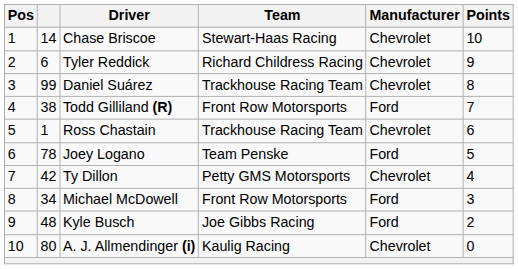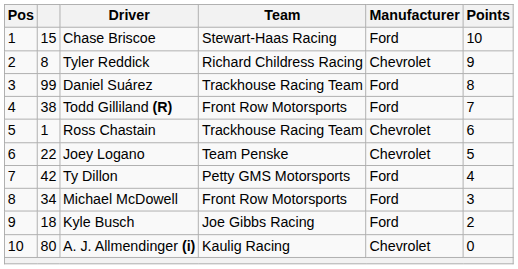 <table class="wikitable" style="font-size:98%">
 <tr>
 <th>Pos</th>
 <th></th>
 <th>Driver</th>
 <th>Team</th>
 <th>Manufacturer</th>
 <th>Points</th>
 </tr>
 <tr>
 <td>1</td>
-<td>14</td>
+<td>15</td>
 <td>Chase Briscoe</td>
 <td>Stewart-Haas Racing</td>
-<td>Chevrolet</td>
+<td>Ford</td>
 <td>10</td>
 </tr>
 <tr>
 <td>2</td>
-<td>6</td>
+<td>8</td>
 <td>Tyler Reddick</td>
 <td>Richard Childress Racing</td>
 <td>Chevrolet</td>
 <td>9</td>
 </tr>
 <tr>
 <td>3</td>
 <td>99</td>
 <td>Daniel Suárez</td>
 <td>Trackhouse Racing Team</td>
-<td>Chevrolet</td>
+<td>Ford</td>
 <td>8</td>
 </tr>
 <tr>
 <td>4</td>
 <td>38</td>
 <td>Todd Gilliland <strong>(R)</strong></td>
 <td>Front Row Motorsports</td>
 <td>Ford</td>
 <td>7</td>
 </tr>
 <tr>
 <td>5</td>
 <td>1</td>
 <td>Ross Chastain</td>
 <td>Trackhouse Racing Team</td>
 <td>Chevrolet</td>
 <td>6</td>
 </tr>
 <tr>
 <td>6</td>
-<td>78</td>
+<td>22</td>
 <td>Joey Logano</td>
 <td>Team Penske</td>
-<td>Ford</td>
+<td>Chevrolet</td>
 <td>5</td>
 </tr>
 <tr>
 <td>7</td>
 <td>42</td>
 <td>Ty Dillon</td>
 <td>Petty GMS Motorsports</td>
-<td>Chevrolet</td>
+<td>Ford</td>
 <td>4</td>
 </tr>
 <tr>
 <td>8</td>
 <td>34</td>
 <td>Michael McDowell</td>
 <td>Front Row Motorsports</td>
 <td>Ford</td>
 <td>3</td>
 </tr>
 <tr>
 <td>9</td>
-<td>48</td>
+<td>18</td>
 <td>Kyle Busch</td>
 <td>Joe Gibbs Racing</td>
 <td>Ford</td>
 <td>2</td>
 </tr>
 <tr>
 <td>10</td>
 <td>80</td>
 <td>A. J. Allmendinger <strong>(i)</strong></td>
 <td>Kaulig Racing</td>
 <td>Chevrolet</td>
 <td>0</td>
 </tr>
 <tr>
 <th colspan="6"></th>
 </tr>
 </table>
